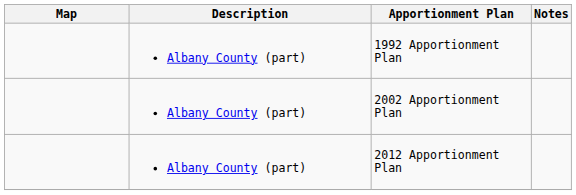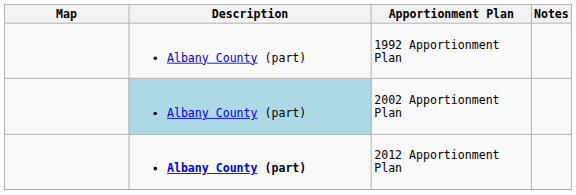 <table class="wikitable sortable">
 <tr>
 <th style="width:100pt;">Map</th>
 <th style="width:200pt;">Description</th>
 <th style="width:130pt;">Apportionment Plan</th>
 <th style="width:15pt;">Notes</th>
 </tr>
 <tr>
 <td></td>
 <td><br><ul><li><a href='#'>Albany County</a> (part)</li></ul></td>
 <td>1992 Apportionment Plan</td>
 <td></td>
 </tr>
 <tr>
 <td></td>
-<td><br><ul><li><a href='#'>Albany County</a> (part)</li></ul></td>
+<td style="background: lightblue;"><br><ul><li><a href='#'>Albany County</a> (part)</li></ul></td>
 <td>2002 Apportionment Plan</td>
 <td></td>
 </tr>
 <tr>
 <td></td>
-<td><br><ul><li><a href='#'>Albany County</a> (part)</li></ul></td>
+<td><strong><br><ul><li><a href='#'>Albany County</a> (part)</li></ul></strong></td>
 <td>2012 Apportionment Plan</td>
 <td></td>
 </tr>
 <tr>
 </tr>
 </table>
